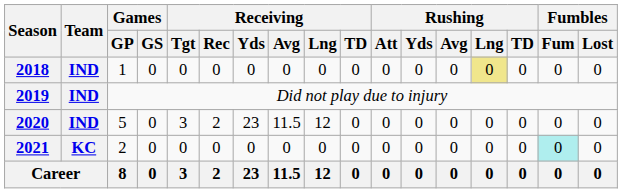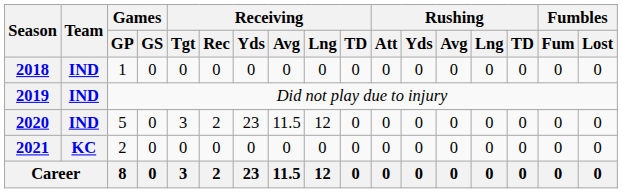 <table class="wikitable" style="text-align:center">
 <tr>
 <th rowspan="2">Season</th>
 <th rowspan="2">Team</th>
 <th colspan="2">Games</th>
 <th colspan="6">Receiving</th>
 <th colspan="5">Rushing</th>
 <th colspan="2">Fumbles</th>
 </tr>
 <tr>
 <th>GP</th>
 <th>GS</th>
 <th>Tgt</th>
 <th>Rec</th>
 <th>Yds</th>
 <th>Avg</th>
 <th>Lng</th>
 <th>TD</th>
 <th>Att</th>
 <th>Yds</th>
 <th>Avg</th>
 <th>Lng</th>
 <th>TD</th>
 <th>Fum</th>
 <th>Lost</th>
 </tr>
 <tr>
 <th><a href='#'>2018</a></th>
 <th><a href='#'>IND</a></th>
 <td>1</td>
 <td>0</td>
 <td>0</td>
 <td>0</td>
 <td>0</td>
 <td>0</td>
 <td>0</td>
 <td>0</td>
 <td>0</td>
 <td>0</td>
 <td>0</td>
-<td style="background: khaki;">0</td>
+<td>0</td>
 <td>0</td>
 <td>0</td>
 <td>0</td>
 </tr>
 <tr>
 <th><a href='#'>2019</a></th>
 <th><a href='#'>IND</a></th>
 <td colspan="16"><em>Did not play due to injury</em></td>
 </tr>
 <tr>
 <th><a href='#'>2020</a></th>
 <th><a href='#'>IND</a></th>
 <td>5</td>
 <td>0</td>
 <td>3</td>
 <td>2</td>
 <td>23</td>
 <td>11.5</td>
 <td>12</td>
 <td>0</td>
 <td>0</td>
 <td>0</td>
 <td>0</td>
 <td>0</td>
 <td>0</td>
 <td>0</td>
 <td>0</td>
 </tr>
 <tr>
 <th><a href='#'>2021</a></th>
 <th><a href='#'>KC</a></th>
 <td>2</td>
 <td>0</td>
 <td>0</td>
 <td>0</td>
 <td>0</td>
 <td>0</td>
 <td>0</td>
 <td>0</td>
 <td>0</td>
 <td>0</td>
 <td>0</td>
 <td>0</td>
 <td>0</td>
-<td style="background: paleturquoise;">0</td>
+<td>0</td>
 <td>0</td>
 </tr>
 <tr>
 <th colspan="2">Career</th>
 <th>8</th>
 <th>0</th>
 <th>3</th>
 <th>2</th>
 <th>23</th>
 <th>11.5</th>
 <th>12</th>
 <th>0</th>
 <th>0</th>
 <th>0</th>
 <th>0</th>
 <th>0</th>
 <th>0</th>
 <th>0</th>
 <th>0</th>
 </tr>
 </table>
